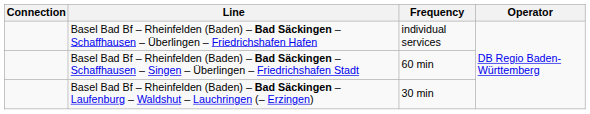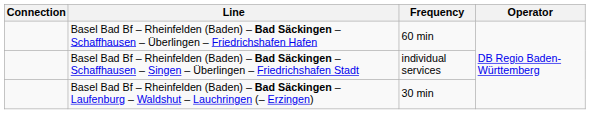 <table class="wikitable">
 <tr>
 <th>Connection</th>
 <th>Line</th>
 <th>Frequency</th>
 <th>Operator</th>
 </tr>
 <tr>
 <td align="center"></td>
 <td>Basel Bad Bf – Rheinfelden (Baden) – <strong>Bad Säckingen</strong> – <a href='#'>Schaffhausen</a> – Überlingen – <a href='#'>Friedrichshafen Hafen</a></td>
-<td>individual services</td>
+<td>60 min</td>
 <td rowspan="3"><a href='#'>DB Regio Baden-Württemberg</a></td>
 </tr>
 <tr>
 <td align="center"></td>
 <td>Basel Bad Bf – Rheinfelden (Baden) – <strong>Bad Säckingen</strong> – <a href='#'>Schaffhausen</a> – <a href='#'>Singen</a> – Überlingen – <a href='#'>Friedrichshafen Stadt</a></td>
-<td>60 min</td>
+<td>individual services</td>
 </tr>
 <tr>
 <td align="center"></td>
 <td>Basel Bad Bf – Rheinfelden (Baden) – <strong>Bad Säckingen</strong> – <a href='#'>Laufenburg</a> – <a href='#'>Waldshut</a> – <a href='#'>Lauchringen</a> (– <a href='#'>Erzingen</a>)</td>
 <td>30 min</td>
 </tr>
 </table>
